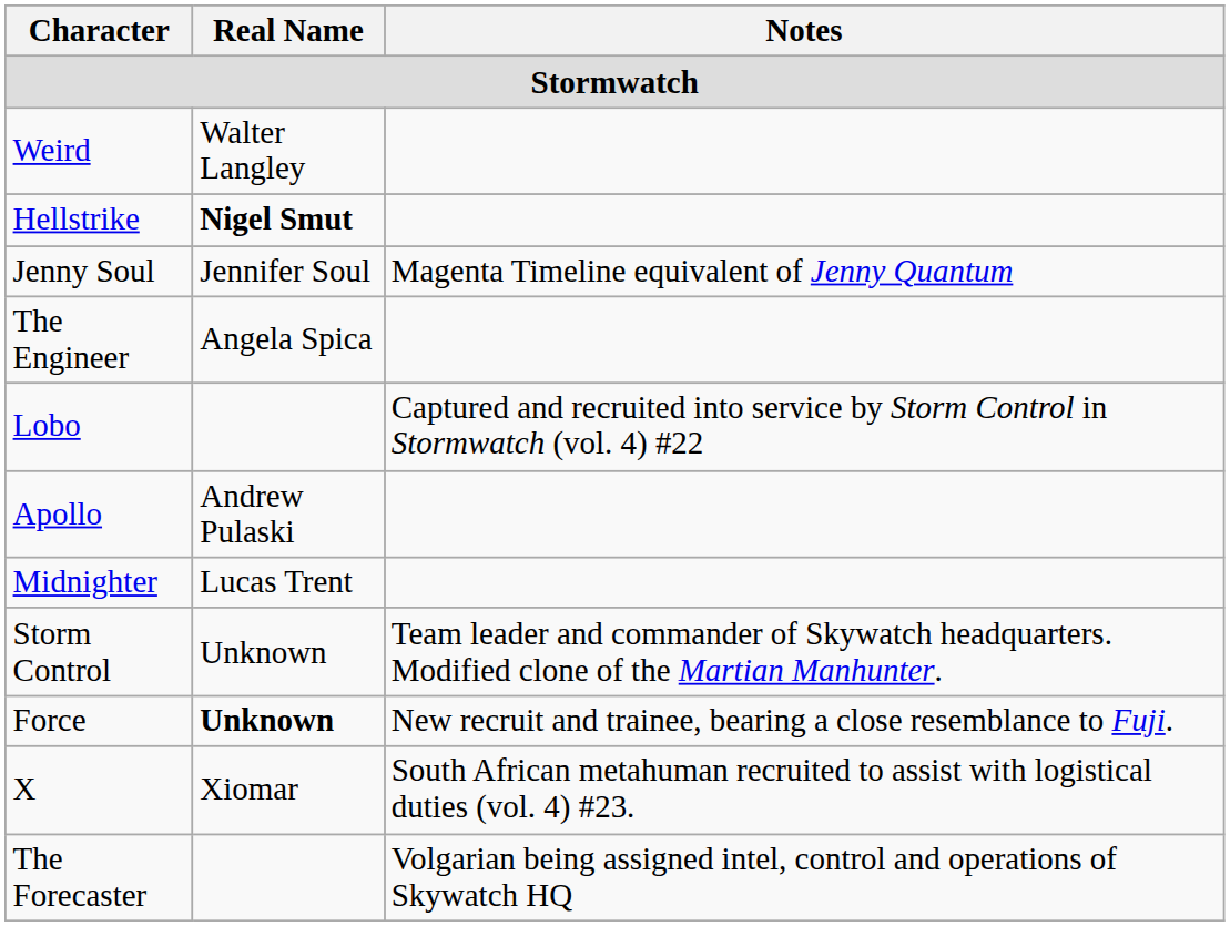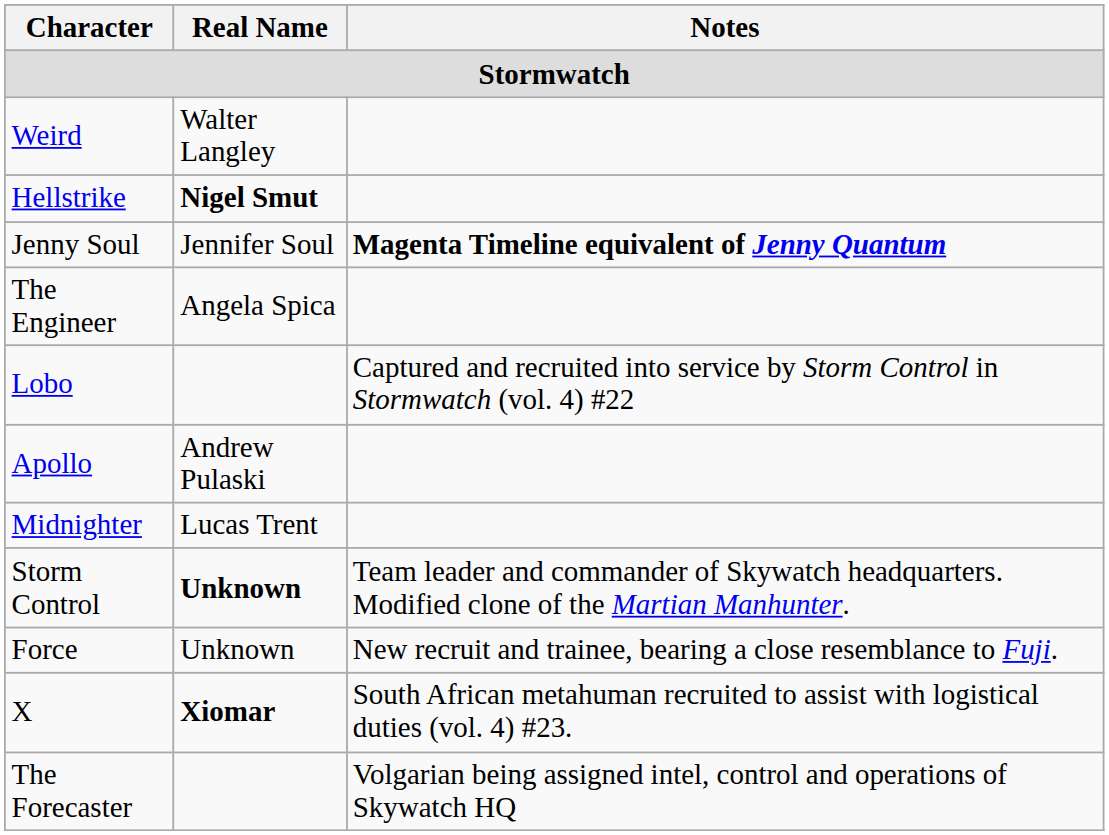 <table class="wikitable">
 <tr>
 <th>Character</th>
 <th>Real Name</th>
 <th>Notes</th>
 </tr>
 <tr bgcolor="#DDDDDD">
 <td colspan=5 align=center><strong>Stormwatch</strong></td>
 </tr>
 <tr>
 <td><a href='#'> Weird</a></td>
 <td>Walter Langley</td>
 <td></td>
 </tr>
 <tr>
 <td><a href='#'>Hellstrike</a></td>
 <td><strong>Nigel Smut</strong></td>
 <td></td>
 </tr>
 <tr>
 <td>Jenny Soul</td>
 <td>Jennifer Soul</td>
-<td>Magenta Timeline equivalent of <em><a href='#'>Jenny Quantum</a></em></td>
+<td><strong>Magenta Timeline equivalent of <em><a href='#'>Jenny Quantum</a></em></strong></td>
 </tr>
 <tr>
 <td>The Engineer</td>
 <td>Angela Spica</td>
 <td></td>
 </tr>
 <tr>
 <td><a href='#'>Lobo</a></td>
 <td></td>
 <td>Captured and recruited into service by <em>Storm Control</em> in <em>Stormwatch</em> (vol. 4) #22</td>
 </tr>
 <tr>
 <td><a href='#'>Apollo</a></td>
 <td>Andrew Pulaski</td>
 <td></td>
 </tr>
 <tr>
 <td><a href='#'>Midnighter</a></td>
 <td>Lucas Trent</td>
 <td></td>
 </tr>
 <tr>
 <td>Storm Control</td>
-<td>Unknown</td>
+<td><strong>Unknown</strong></td>
 <td>Team leader and commander of Skywatch headquarters. Modified clone of the <em><a href='#'>Martian Manhunter</a></em>.</td>
 </tr>
 <tr>
 <td>Force</td>
-<td><strong>Unknown</strong></td>
+<td>Unknown</td>
 <td>New recruit and trainee, bearing a close resemblance to <em><a href='#'>Fuji</a></em>.</td>
 </tr>
 <tr>
 <td>X</td>
-<td>Xiomar</td>
+<td><strong>Xiomar</strong></td>
 <td>South African metahuman recruited to assist with logistical duties (vol. 4) #23.</td>
 </tr>
 <tr>
 <td>The Forecaster</td>
 <td></td>
 <td>Volgarian being assigned intel, control and operations of Skywatch HQ</td>
 </tr>
 </table>
